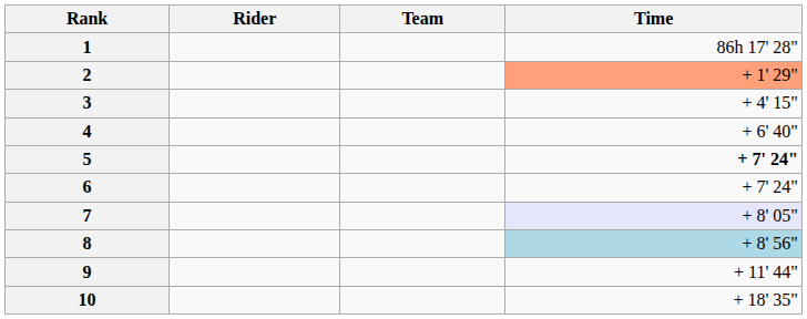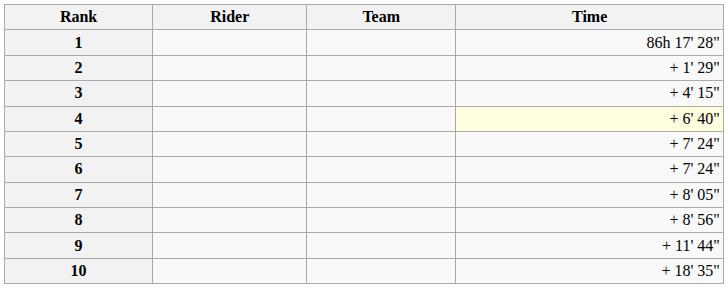 <table class="wikitable" style="width:45em; margin-bottom:0;">
 <tr>
 <th scope="col">Rank</th>
 <th scope="col">Rider</th>
 <th scope="col">Team</th>
 <th scope="col">Time</th>
 </tr>
 <tr>
 <th scope="row">1</th>
 <td> </td>
 <td></td>
 <td align="right">86h 17' 28"</td>
 </tr>
 <tr>
 <th scope="row">2</th>
 <td></td>
 <td></td>
-<td align="right" style="background: lightsalmon;">+ 1' 29"</td>
+<td align="right">+ 1' 29"</td>
 </tr>
 <tr>
 <th scope="row">3</th>
 <td></td>
 <td></td>
 <td align="right">+ 4' 15"</td>
 </tr>
 <tr>
 <th scope="row">4</th>
 <td></td>
 <td></td>
-<td align="right">+ 6' 40"</td>
+<td align="right" style="background: lightyellow;">+ 6' 40"</td>
 </tr>
 <tr>
 <th scope="row">5</th>
 <td></td>
 <td></td>
-<td align="right"><strong>+ 7' 24"</strong></td>
+<td align="right">+ 7' 24"</td>
 </tr>
 <tr>
 <th scope="row">6</th>
 <td></td>
 <td></td>
 <td align="right">+ 7' 24"</td>
 </tr>
 <tr>
 <th scope="row">7</th>
 <td></td>
 <td></td>
-<td align="right" style="background: lavender;">+ 8' 05"</td>
+<td align="right">+ 8' 05"</td>
 </tr>
 <tr>
 <th scope="row">8</th>
 <td></td>
 <td></td>
-<td align="right" style="background: lightblue;">+ 8' 56"</td>
+<td align="right">+ 8' 56"</td>
 </tr>
 <tr>
 <th scope="row">9</th>
 <td></td>
 <td></td>
 <td align="right">+ 11' 44"</td>
 </tr>
 <tr>
 <th scope="row">10</th>
 <td></td>
 <td></td>
 <td align="right">+ 18' 35"</td>
 </tr>
 <tr>
 </tr>
 </table>
